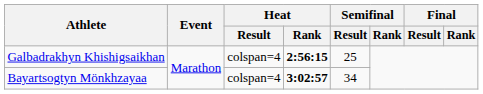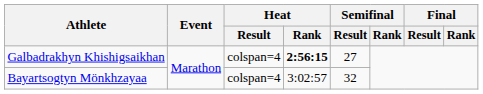 <table class="wikitable" style="font-size:90%">
 <tr>
 <th rowspan="2">Athlete</th>
 <th rowspan="2">Event</th>
 <th colspan="2">Heat</th>
 <th colspan="2">Semifinal</th>
 <th colspan="2">Final</th>
 </tr>
 <tr style="font-size:95%">
 <th>Result</th>
 <th>Rank</th>
 <th>Result</th>
 <th>Rank</th>
 <th>Result</th>
 <th>Rank</th>
 </tr>
 <tr style=text-align:center>
 <td style=text-align:left><a href='#'>Galbadrakhyn Khishigsaikhan</a></td>
 <td style=text-align:left rowspan=2><a href='#'>Marathon</a></td>
 <td>colspan=4 </td>
 <td><strong>2:56:15</strong></td>
-<td>25</td>
+<td>27</td>
 </tr>
 <tr style=text-align:center>
 <td style=text-align:left><a href='#'>Bayartsogtyn Mönkhzayaa</a></td>
 <td>colspan=4 </td>
-<td><strong>3:02:57</strong></td>
-<td>34</td>
+<td>3:02:57</td>
+<td>32</td>
 </tr>
 </table>
